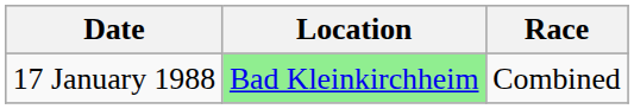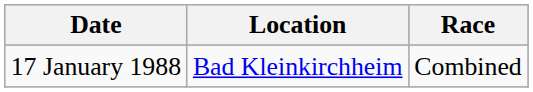 <table class="wikitable">
 <tr>
 <th>Date</th>
 <th>Location</th>
 <th>Race</th>
 </tr>
 <tr>
 <td>17 January 1988</td>
-<td style="background: lightgreen;"> <a href='#'>Bad Kleinkirchheim</a></td>
+<td> <a href='#'>Bad Kleinkirchheim</a></td>
 <td>Combined</td>
 </tr>
 </table>
